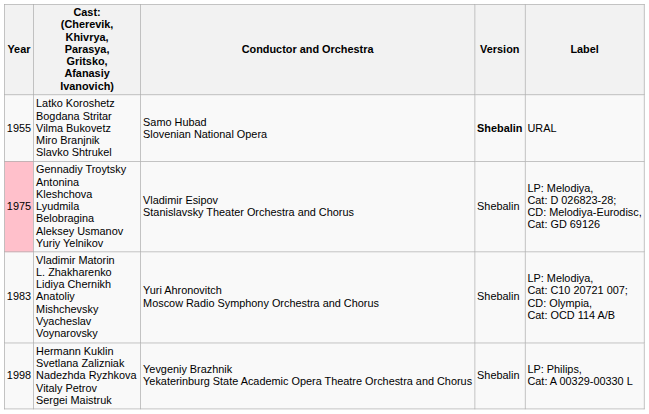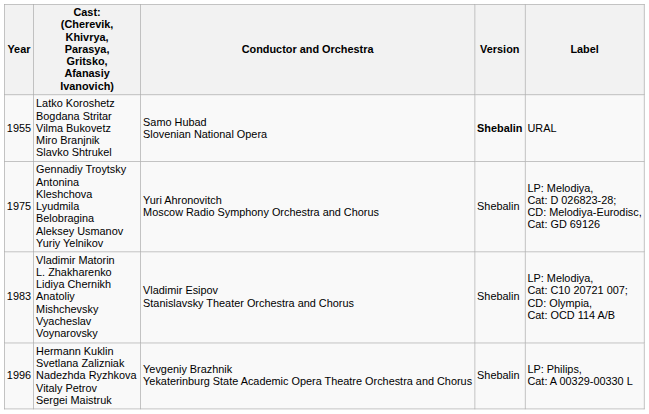 <table class="wikitable">
 <tr>
 <th>Year</th>
 <th Width="150">Cast:<br>(Cherevik,<br>Khivrya,<br>Parasya,<br>Gritsko,<br>Afanasiy Ivanovich)</th>
 <th>Conductor and Orchestra</th>
 <th>Version</th>
 <th>Label</th>
 </tr>
 <tr>
 <td>1955</td>
 <td>Latko Koroshetz<br>Bogdana Stritar<br>Vilma Bukovetz<br>Miro Branjnik<br>Slavko Shtrukel</td>
 <td>Samo Hubad<br>Slovenian National Opera</td>
 <td><strong>Shebalin</strong></td>
 <td>URAL</td>
 </tr>
 <tr>
-<td style="background: pink;">1975</td>
+<td>1975</td>
 <td>Gennadiy Troytsky<br>Antonina Kleshchova<br>Lyudmila Belobragina<br>Aleksey Usmanov<br>Yuriy Yelnikov</td>
-<td>Vladimir Esipov<br>Stanislavsky Theater Orchestra and Chorus</td>
+<td>Yuri Ahronovitch<br>Moscow Radio Symphony Orchestra and Chorus</td>
 <td>Shebalin</td>
 <td>LP: Melodiya,<br>Cat: D 026823-28;<br>CD: Melodiya-Eurodisc,<br>Cat: GD 69126</td>
 </tr>
 <tr>
 <td>1983</td>
 <td>Vladimir Matorin<br>L. Zhakharenko<br>Lidiya Chernikh<br>Anatoliy Mishchevsky<br>Vyacheslav Voynarovsky</td>
-<td>Yuri Ahronovitch<br>Moscow Radio Symphony Orchestra and Chorus</td>
+<td>Vladimir Esipov<br>Stanislavsky Theater Orchestra and Chorus</td>
 <td>Shebalin</td>
 <td>LP: Melodiya,<br>Cat: C10 20721 007;<br>CD: Olympia,<br>Cat: OCD 114 A/B</td>
 </tr>
 <tr>
-<td>1998</td>
+<td>1996</td>
 <td>Hermann Kuklin<br>Svetlana Zalizniak<br>Nadezhda Ryzhkova<br>Vitaly Petrov<br>Sergei Maistruk</td>
 <td>Yevgeniy Brazhnik<br>Yekaterinburg State Academic Opera Theatre Orchestra and Chorus</td>
 <td>Shebalin</td>
 <td>LP: Philips,<br>Cat: A 00329-00330 L</td>
 </tr>
 </table>
